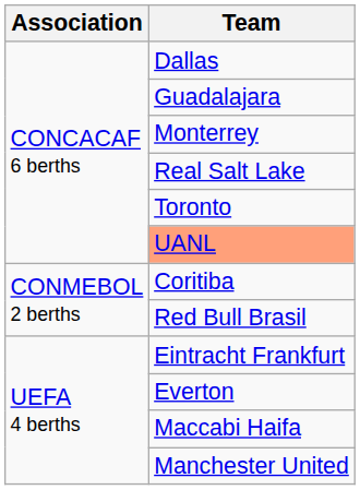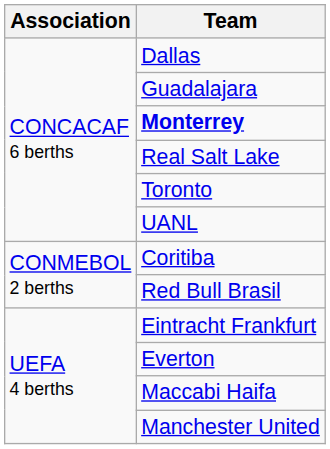 <table class="wikitable">
 <tr>
 <th>Association</th>
 <th>Team </th>
 </tr>
 <tr>
 <td rowspan="6"><a href='#'>CONCACAF</a><br><small>6 berths</small></td>
 <td> <a href='#'>Dallas</a></td>
 </tr>
 <tr>
 <td> <a href='#'>Guadalajara</a></td>
 </tr>
 <tr>
-<td> <a href='#'>Monterrey</a></td>
+<td><strong> <a href='#'>Monterrey</a></strong></td>
 </tr>
 <tr>
 <td> <a href='#'>Real Salt Lake</a></td>
 </tr>
 <tr>
 <td> <a href='#'>Toronto</a></td>
 </tr>
 <tr>
-<td style="background: lightsalmon;"> <a href='#'>UANL</a></td>
+<td> <a href='#'>UANL</a></td>
 </tr>
 <tr>
 <td rowspan="2"><a href='#'>CONMEBOL</a><br><small>2 berths</small></td>
 <td> <a href='#'>Coritiba</a></td>
 </tr>
 <tr>
 <td> <a href='#'>Red Bull Brasil</a></td>
 </tr>
 <tr>
 <td rowspan="4"><a href='#'>UEFA</a><br><small>4 berths</small></td>
 <td> <a href='#'>Eintracht Frankfurt</a></td>
 </tr>
 <tr>
 <td> <a href='#'>Everton</a></td>
 </tr>
 <tr>
 <td> <a href='#'>Maccabi Haifa</a></td>
 </tr>
 <tr>
 <td> <a href='#'>Manchester United</a></td>
 </tr>
 </table>
